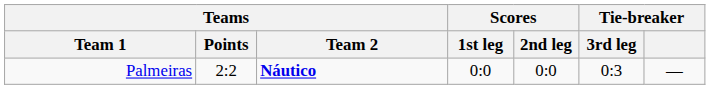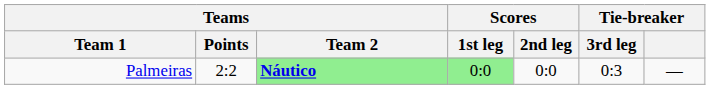 <table class="wikitable" style="text-align:center;">
 <tr>
 <th colspan=3>Teams</th>
 <th colspan=2>Scores</th>
 <th colspan=2>Tie-breaker</th>
 </tr>
 <tr>
 <th width="175">Team 1</th>
 <th width="50">Points</th>
 <th width="175">Team 2</th>
 <th width="55">1st leg</th>
 <th width="55">2nd leg</th>
 <th width="55">3rd leg</th>
 <th width="50"></th>
 </tr>
 <tr>
 <td align=right><a href='#'>Palmeiras</a> </td>
 <td>2:2</td>
-<td align=left> <strong><a href='#'>Náutico</a></strong></td>
-<td>0:0</td>
+<td align=left style="background: lightgreen;"> <strong><a href='#'>Náutico</a></strong></td>
+<td style="background: lightgreen;">0:0</td>
 <td>0:0</td>
 <td>0:3</td>
 <td>—</td>
 </tr>
 </table>
